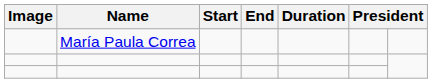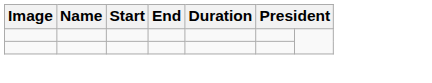 <table class="wikitable sortable">
 <tr>
 <th class=unsortable>Image</th>
 <th>Name</th>
 <th>Start</th>
 <th>End</th>
 <th>Duration</th>
 <th colspan=2>President</th>
-</tr>
-<tr>
-<td></td>
-<td><a href='#'>María Paula Correa</a></td>
-<td></td>
-<td></td>
-<td></td>
-<td style="background: "></td>
-<td><br></td>
 </tr>
 <tr>
 <td></td>
 <td></td>
 <td></td>
 <td></td>
 <td></td>
 <td></td>
 <td rowspan=2><br></td>
 </tr>
 <tr>
 <td></td>
 <td></td>
 <td></td>
 <td></td>
 <td></td>
 <td rowspan=2 style="background: "></td>
 </tr>
 </table>
